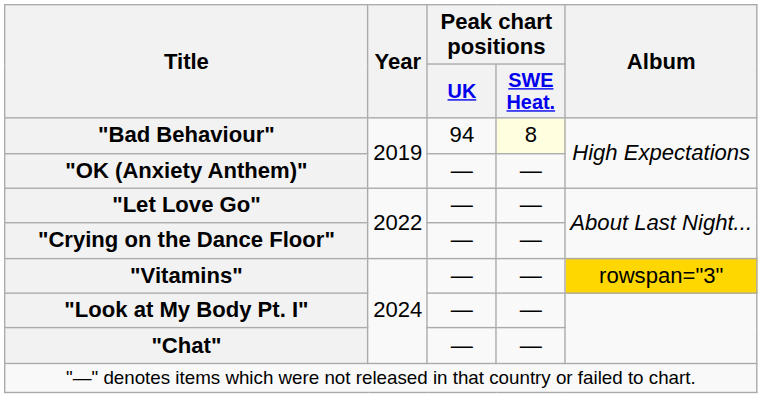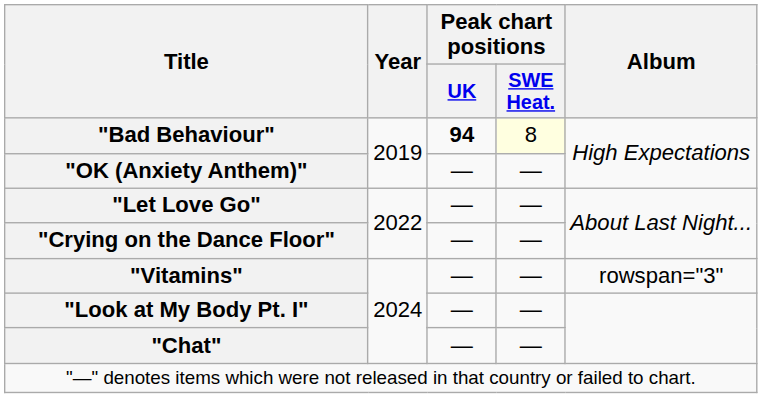 <table class="wikitable plainrowheaders" style="text-align:center;">
 <tr>
 <th scope="col" rowspan="2" style="width:16em;">Title</th>
 <th scope="col" rowspan="2" style="width:1em;">Year</th>
 <th colspan="2" scope="col">Peak chart positions</th>
 <th scope="col" rowspan="2">Album</th>
 </tr>
 <tr>
 <th scope="col" style="width:3em;font-size:90%;"><a href='#'>UK</a><br></th>
 <th scope="col" style="width:3em;font-size:90%;"><a href='#'>SWE<br>Heat.</a><br></th>
 </tr>
 <tr>
 <th scope="row">"Bad Behaviour"</th>
 <td rowspan="2">2019</td>
-<td>94</td>
+<td><strong>94</strong></td>
 <td style="background: lightyellow;">8</td>
 <td rowspan="2"><em>High Expectations</em></td>
 </tr>
 <tr>
 <th scope="row">"OK (Anxiety Anthem)"</th>
 <td>—</td>
 <td>—</td>
 </tr>
 <tr>
 <th scope="row">"Let Love Go"<br></th>
 <td rowspan="2">2022</td>
 <td>—</td>
 <td>—</td>
 <td rowspan="2"><em>About Last Night...</em></td>
 </tr>
 <tr>
 <th scope="row">"Crying on the Dance Floor"</th>
 <td>—</td>
 <td>—</td>
 </tr>
 <tr>
 <th scope="row">"Vitamins"</th>
 <td rowspan="3">2024</td>
 <td>—</td>
 <td>—</td>
-<td style="background: gold;">rowspan="3" </td>
+<td>rowspan="3" </td>
 </tr>
 <tr>
 <th scope="row">"Look at My Body Pt. I"</th>
 <td>—</td>
 <td>—</td>
 </tr>
 <tr>
 <th scope="row">"Chat"</th>
 <td>—</td>
 <td>—</td>
 </tr>
 <tr>
 <td colspan="13" style="font-size:85%;">"—" denotes items which were not released in that country or failed to chart.</td>
 </tr>
 </table>
